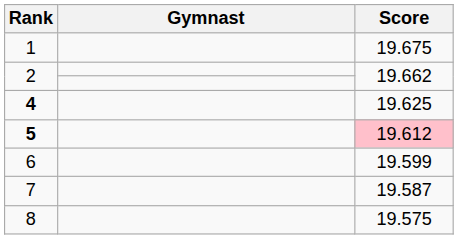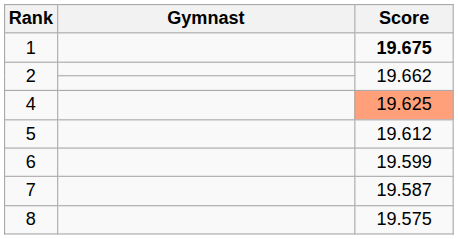 <table class="wikitable" style="text-align:center">
 <tr>
 <th>Rank</th>
 <th style="width:16em">Gymnast</th>
 <th style="width:5em">Score</th>
 </tr>
 <tr>
 <td>1</td>
 <td align=left></td>
-<td>19.675</td>
+<td><strong>19.675</strong></td>
 </tr>
 <tr>
 <td rowspan=2>2</td>
 <td align=left></td>
 <td rowspan=2>19.662</td>
 </tr>
 <tr>
 <td align=left></td>
 </tr>
 <tr>
-<td><strong>4</strong></td>
+<td>4</td>
 <td align=left></td>
-<td>19.625</td>
+<td style="background: lightsalmon;">19.625</td>
 </tr>
 <tr>
-<td><strong>5</strong></td>
+<td>5</td>
 <td align=left></td>
-<td style="background: pink;">19.612</td>
+<td>19.612</td>
 </tr>
 <tr>
 <td>6</td>
 <td align=left></td>
 <td>19.599</td>
 </tr>
 <tr>
 <td>7</td>
 <td align=left></td>
 <td>19.587</td>
 </tr>
 <tr>
 <td>8</td>
 <td align=left></td>
 <td>19.575</td>
 </tr>
 </table>
